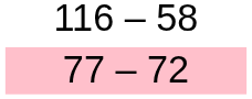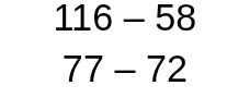 <table style="text-align:center">
 <tr>
 <th width=200></th>
 <th width=100></th>
 <th width=200></th>
 <th></th>
 </tr>
 <tr>
 <td align=right><strong></strong></td>
 <td>116 – 58</td>
 <td align=left></td>
 </tr>
 <tr>
 <td align=right><strong></strong></td>
-<td style="background: pink;">77 – 72</td>
+<td>77 – 72</td>
 <td align=left></td>
 </tr>
 </table>
